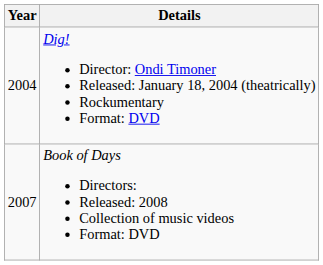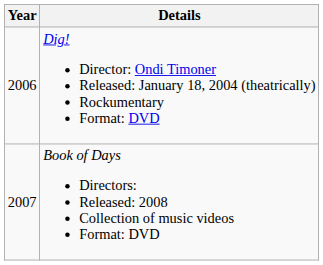 <table class="wikitable">
 <tr>
 <th>Year</th>
 <th>Details</th>
 </tr>
 <tr>
-<td>2004</td>
+<td>2006</td>
 <td align="left"><em><a href='#'>Dig!</a></em><br><ul><li>Director: <a href='#'>Ondi Timoner</a></li><li>Released: January 18, 2004 (theatrically)</li><li>Rockumentary</li><li>Format: <a href='#'>DVD</a></li></ul></td>
 </tr>
 <tr>
 <td>2007</td>
 <td align="left"><em>Book of Days</em><br><ul><li>Directors:</li><li>Released: 2008</li><li>Collection of music videos</li><li>Format: DVD</li></ul></td>
 </tr>
 </table>
